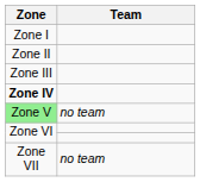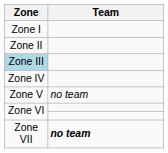 <table class="wikitable">
 <tr>
 <th width=60>Zone</th>
 <th width=170>Team</th>
 </tr>
 <tr>
 <td align=center>Zone I</td>
 <td> <em></em></td>
 </tr>
 <tr>
 <td align=center>Zone II</td>
 <td></td>
 </tr>
 <tr>
-<td align=center>Zone III</td>
+<td align=center style="background: lightblue;">Zone III</td>
 <td></td>
 </tr>
 <tr>
-<td align=center><strong>Zone IV</strong></td>
+<td align=center>Zone IV</td>
 <td> <em></em></td>
 </tr>
 <tr>
-<td align=center style="background: lightgreen;">Zone V</td>
+<td align=center>Zone V</td>
 <td><em>no team</em></td>
 </tr>
 <tr>
 <td align=center rowspan=2>Zone VI</td>
 <td> <em></em></td>
 </tr>
 <tr>
 <td></td>
 </tr>
 <tr>
 <td align=center>Zone VII</td>
-<td><em>no team</em></td>
+<td><strong><em>no team</em></strong></td>
 </tr>
 </table>
